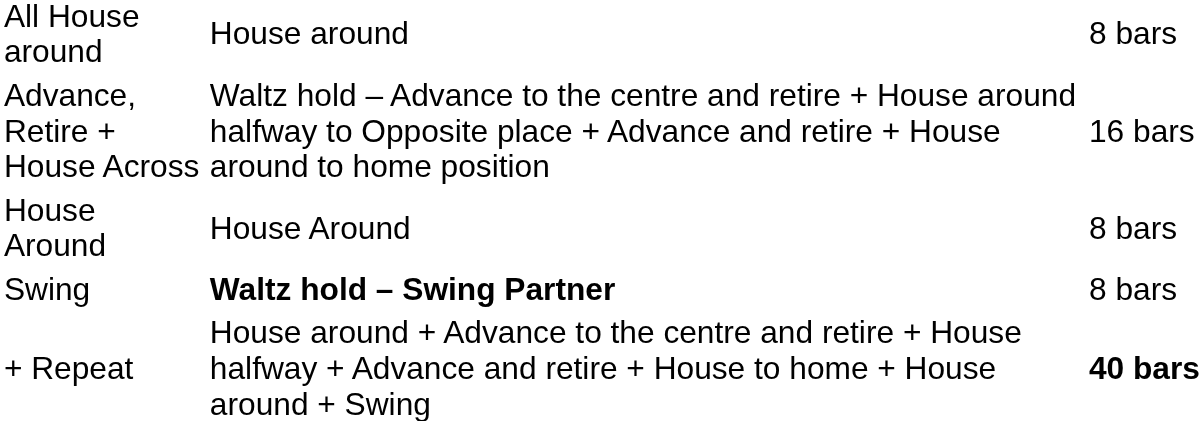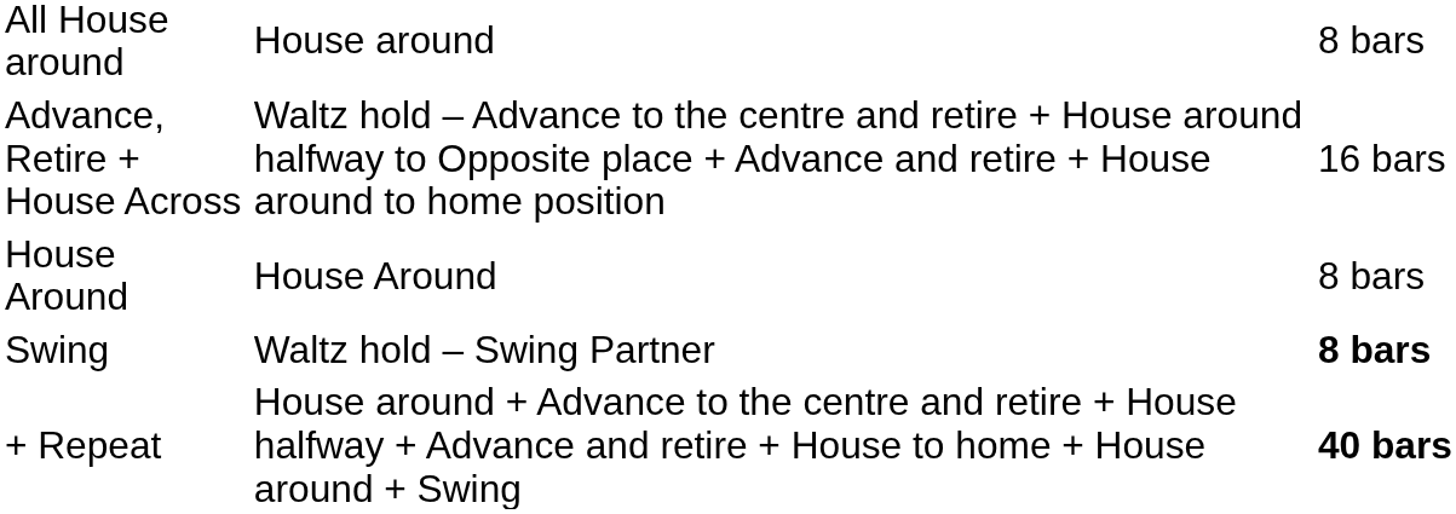 <table>
 <tr>
 <td style="width:100px">All House around</td>
 <td style="width:440px">House around</td>
 <td style="width:60px">8 bars</td>
 </tr>
 <tr>
 <td>Advance, Retire + House Across</td>
 <td>Waltz hold – Advance to the centre and retire + House around halfway to Opposite place + Advance and retire + House around to home position</td>
 <td>16 bars</td>
 </tr>
 <tr>
 <td>House Around</td>
 <td>House Around</td>
 <td>8 bars</td>
 </tr>
 <tr>
 <td>Swing</td>
-<td><strong>Waltz hold – Swing Partner</strong></td>
-<td>8 bars</td>
+<td>Waltz hold – Swing Partner</td>
+<td><strong>8 bars</strong></td>
 </tr>
 <tr>
 <td>+ Repeat</td>
 <td>House around + Advance to the centre and retire + House halfway + Advance and retire + House to home + House around + Swing</td>
 <td><strong>40 bars</strong></td>
 </tr>
 </table>
